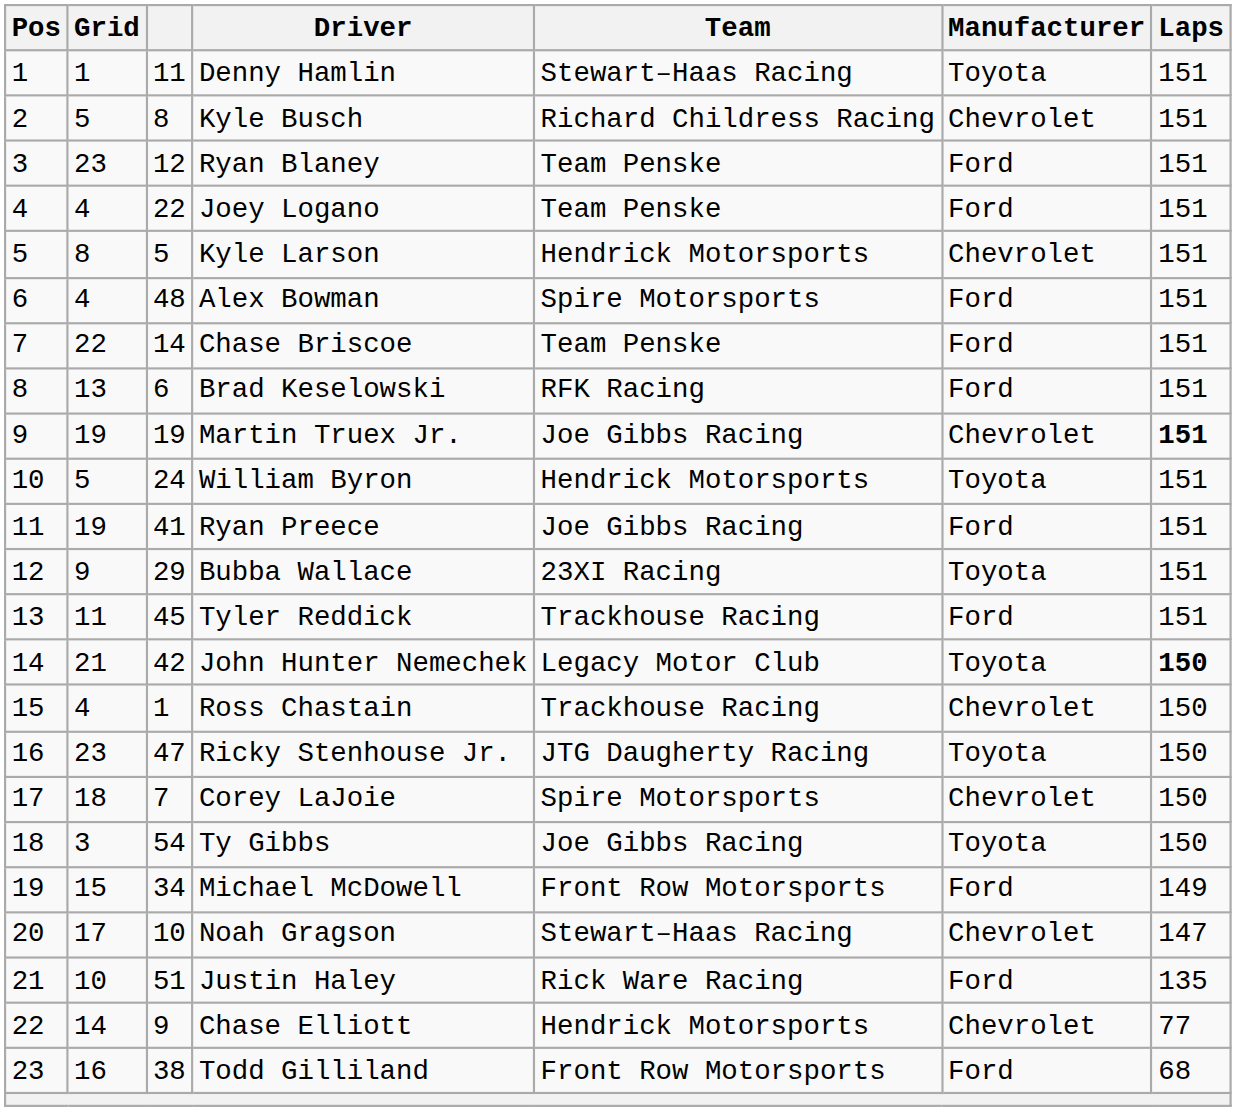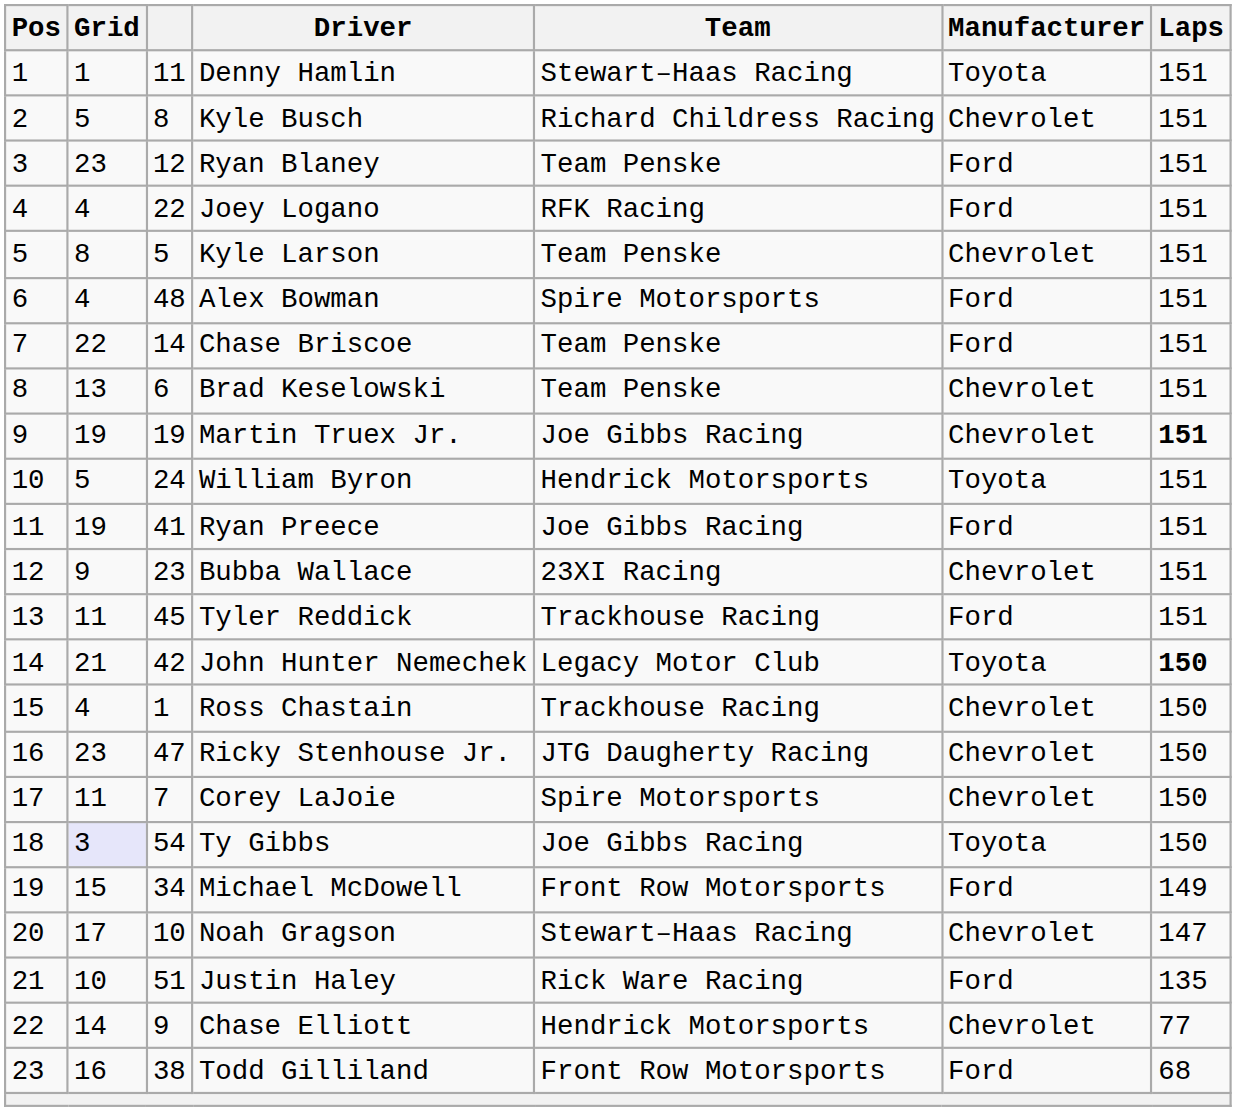 <table class="wikitable" style="font-size:98%">
 <tr>
 <th>Pos</th>
 <th>Grid</th>
 <th></th>
 <th>Driver</th>
 <th>Team</th>
 <th>Manufacturer</th>
 <th>Laps</th>
 </tr>
 <tr>
 <td>1</td>
 <td>1</td>
 <td>11</td>
 <td>Denny Hamlin</td>
 <td>Stewart–Haas Racing</td>
 <td>Toyota</td>
 <td>151</td>
 </tr>
 <tr>
 <td>2</td>
 <td>5</td>
 <td>8</td>
 <td>Kyle Busch</td>
 <td>Richard Childress Racing</td>
 <td>Chevrolet</td>
 <td>151</td>
 </tr>
 <tr>
 <td>3</td>
 <td>23</td>
 <td>12</td>
 <td>Ryan Blaney</td>
 <td>Team Penske</td>
 <td>Ford</td>
 <td>151</td>
 </tr>
 <tr>
 <td>4</td>
 <td>4</td>
 <td>22</td>
 <td>Joey Logano</td>
-<td>Team Penske</td>
+<td>RFK Racing</td>
 <td>Ford</td>
 <td>151</td>
 </tr>
 <tr>
 <td>5</td>
 <td>8</td>
 <td>5</td>
 <td>Kyle Larson</td>
-<td>Hendrick Motorsports</td>
+<td>Team Penske</td>
 <td>Chevrolet</td>
 <td>151</td>
 </tr>
 <tr>
 <td>6</td>
 <td>4</td>
 <td>48</td>
 <td>Alex Bowman</td>
 <td>Spire Motorsports</td>
 <td>Ford</td>
 <td>151</td>
 </tr>
 <tr>
 <td>7</td>
 <td>22</td>
 <td>14</td>
 <td>Chase Briscoe</td>
 <td>Team Penske</td>
 <td>Ford</td>
 <td>151</td>
 </tr>
 <tr>
 <td>8</td>
 <td>13</td>
 <td>6</td>
 <td>Brad Keselowski</td>
-<td>RFK Racing</td>
-<td>Ford</td>
+<td>Team Penske</td>
+<td>Chevrolet</td>
 <td>151</td>
 </tr>
 <tr>
 <td>9</td>
 <td>19</td>
 <td>19</td>
 <td>Martin Truex Jr.</td>
 <td>Joe Gibbs Racing</td>
 <td>Chevrolet</td>
 <td><strong>151</strong></td>
 </tr>
 <tr>
 <td>10</td>
 <td>5</td>
 <td>24</td>
 <td>William Byron</td>
 <td>Hendrick Motorsports</td>
 <td>Toyota</td>
 <td>151</td>
 </tr>
 <tr>
 <td>11</td>
 <td>19</td>
 <td>41</td>
 <td>Ryan Preece</td>
 <td>Joe Gibbs Racing</td>
 <td>Ford</td>
 <td>151</td>
 </tr>
 <tr>
 <td>12</td>
 <td>9</td>
-<td>29</td>
+<td>23</td>
 <td>Bubba Wallace</td>
 <td>23XI Racing</td>
-<td>Toyota</td>
+<td>Chevrolet</td>
 <td>151</td>
 </tr>
 <tr>
 <td>13</td>
 <td>11</td>
 <td>45</td>
 <td>Tyler Reddick</td>
 <td>Trackhouse Racing</td>
 <td>Ford</td>
 <td>151</td>
 </tr>
 <tr>
 <td>14</td>
 <td>21</td>
 <td>42</td>
 <td>John Hunter Nemechek</td>
 <td>Legacy Motor Club</td>
 <td>Toyota</td>
 <td><strong>150</strong></td>
 </tr>
 <tr>
 <td>15</td>
 <td>4</td>
 <td>1</td>
 <td>Ross Chastain</td>
 <td>Trackhouse Racing</td>
 <td>Chevrolet</td>
 <td>150</td>
 </tr>
 <tr>
 <td>16</td>
 <td>23</td>
 <td>47</td>
 <td>Ricky Stenhouse Jr.</td>
 <td>JTG Daugherty Racing</td>
-<td>Toyota</td>
+<td>Chevrolet</td>
 <td>150</td>
 </tr>
 <tr>
 <td>17</td>
-<td>18</td>
+<td>11</td>
 <td>7</td>
 <td>Corey LaJoie</td>
 <td>Spire Motorsports</td>
 <td>Chevrolet</td>
 <td>150</td>
 </tr>
 <tr>
 <td>18</td>
-<td>3</td>
+<td style="background: lavender;">3</td>
 <td>54</td>
 <td>Ty Gibbs</td>
 <td>Joe Gibbs Racing</td>
 <td>Toyota</td>
 <td>150</td>
 </tr>
 <tr>
 <td>19</td>
 <td>15</td>
 <td>34</td>
 <td>Michael McDowell</td>
 <td>Front Row Motorsports</td>
 <td>Ford</td>
 <td>149</td>
 </tr>
 <tr>
 <td>20</td>
 <td>17</td>
 <td>10</td>
 <td>Noah Gragson</td>
 <td>Stewart–Haas Racing</td>
 <td>Chevrolet</td>
 <td>147</td>
 </tr>
 <tr>
 <td>21</td>
 <td>10</td>
 <td>51</td>
 <td>Justin Haley</td>
 <td>Rick Ware Racing</td>
 <td>Ford</td>
 <td>135</td>
 </tr>
 <tr>
 <td>22</td>
 <td>14</td>
 <td>9</td>
 <td>Chase Elliott</td>
 <td>Hendrick Motorsports</td>
 <td>Chevrolet</td>
 <td>77</td>
 </tr>
 <tr>
 <td>23</td>
 <td>16</td>
 <td>38</td>
 <td>Todd Gilliland</td>
 <td>Front Row Motorsports</td>
 <td>Ford</td>
 <td>68</td>
 </tr>
 <tr>
 <th colspan="7"></th>
 </tr>
 </table>
